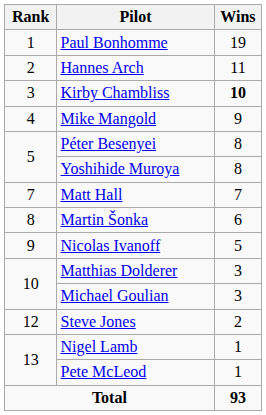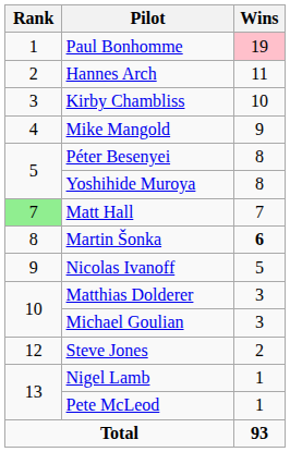 <table class="wikitable">
 <tr>
 <th width="45">Rank</th>
 <th width="150">Pilot</th>
 <th width="40">Wins</th>
 </tr>
 <tr>
 <td align=center>1</td>
 <td> <a href='#'>Paul Bonhomme</a></td>
-<td align=center>19</td>
+<td align=center style="background: pink;">19</td>
 </tr>
 <tr>
 <td align=center>2</td>
 <td> <a href='#'>Hannes Arch</a></td>
 <td align=center>11</td>
 </tr>
 <tr>
 <td align=center>3</td>
 <td> <a href='#'>Kirby Chambliss</a></td>
-<td align=center><strong>10</strong></td>
+<td align=center>10</td>
 </tr>
 <tr>
 <td align=center>4</td>
 <td> <a href='#'>Mike Mangold</a></td>
 <td align=center>9</td>
 </tr>
 <tr>
 <td rowspan=2 align=center>5</td>
 <td> <a href='#'>Péter Besenyei</a></td>
 <td align=center>8</td>
 </tr>
 <tr>
 <td> <a href='#'>Yoshihide Muroya</a></td>
 <td align=center>8</td>
 </tr>
 <tr>
-<td align=center>7</td>
+<td align=center style="background: lightgreen;">7</td>
 <td> <a href='#'>Matt Hall</a></td>
 <td align=center>7</td>
 </tr>
 <tr>
 <td align=center>8</td>
 <td> <a href='#'>Martin Šonka</a></td>
-<td align=center>6</td>
+<td align=center><strong>6</strong></td>
 </tr>
 <tr>
 <td align=center>9</td>
 <td> <a href='#'>Nicolas Ivanoff</a></td>
 <td align=center>5</td>
 </tr>
 <tr>
 <td rowspan=2 align=center>10</td>
 <td> <a href='#'>Matthias Dolderer</a></td>
 <td align=center>3</td>
 </tr>
 <tr>
 <td> <a href='#'>Michael Goulian</a></td>
 <td align=center>3</td>
 </tr>
 <tr>
 <td align=center>12</td>
 <td> <a href='#'>Steve Jones</a></td>
 <td align=center>2</td>
 </tr>
 <tr>
 <td rowspan=2 align=center>13</td>
 <td> <a href='#'>Nigel Lamb</a></td>
 <td align=center>1</td>
 </tr>
 <tr>
 <td>  <a href='#'>Pete McLeod</a></td>
 <td align=center>1</td>
 </tr>
 <tr>
 <td colspan=2 align=center><strong>Total</strong></td>
 <td align=center><strong>93</strong></td>
 </tr>
 </table>
